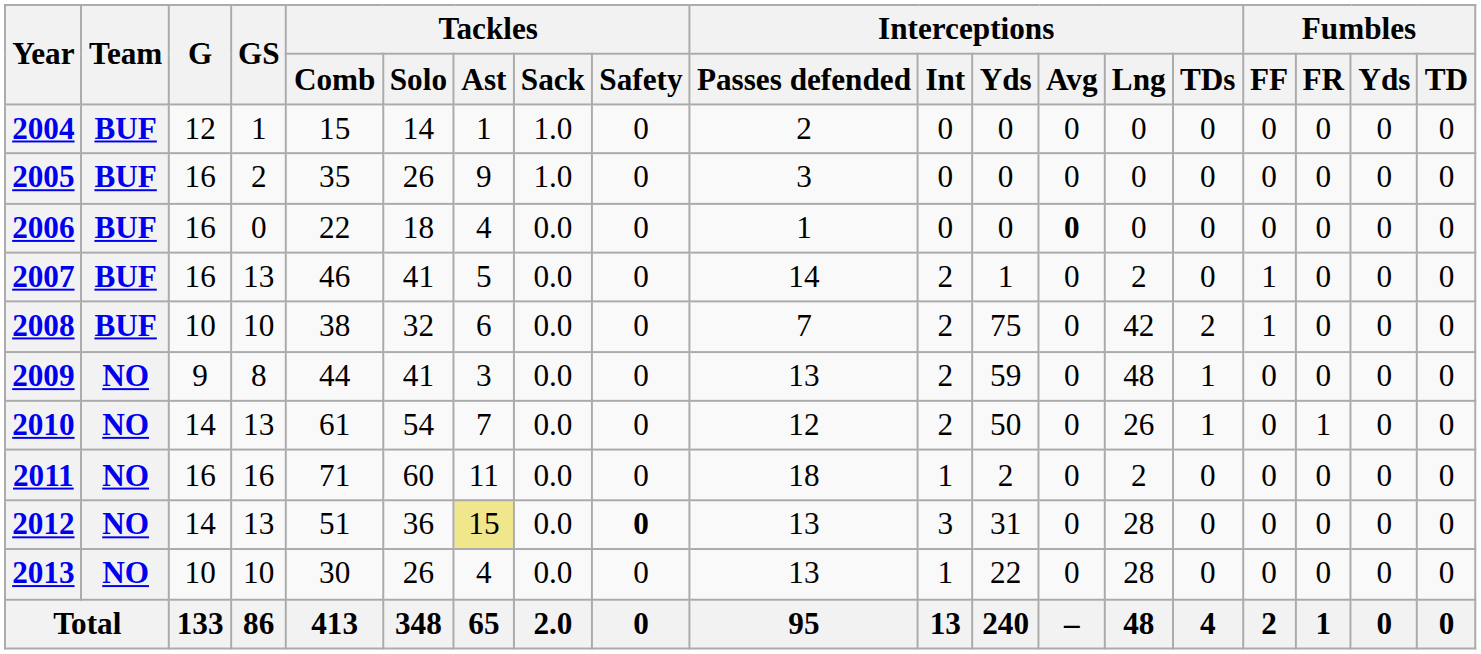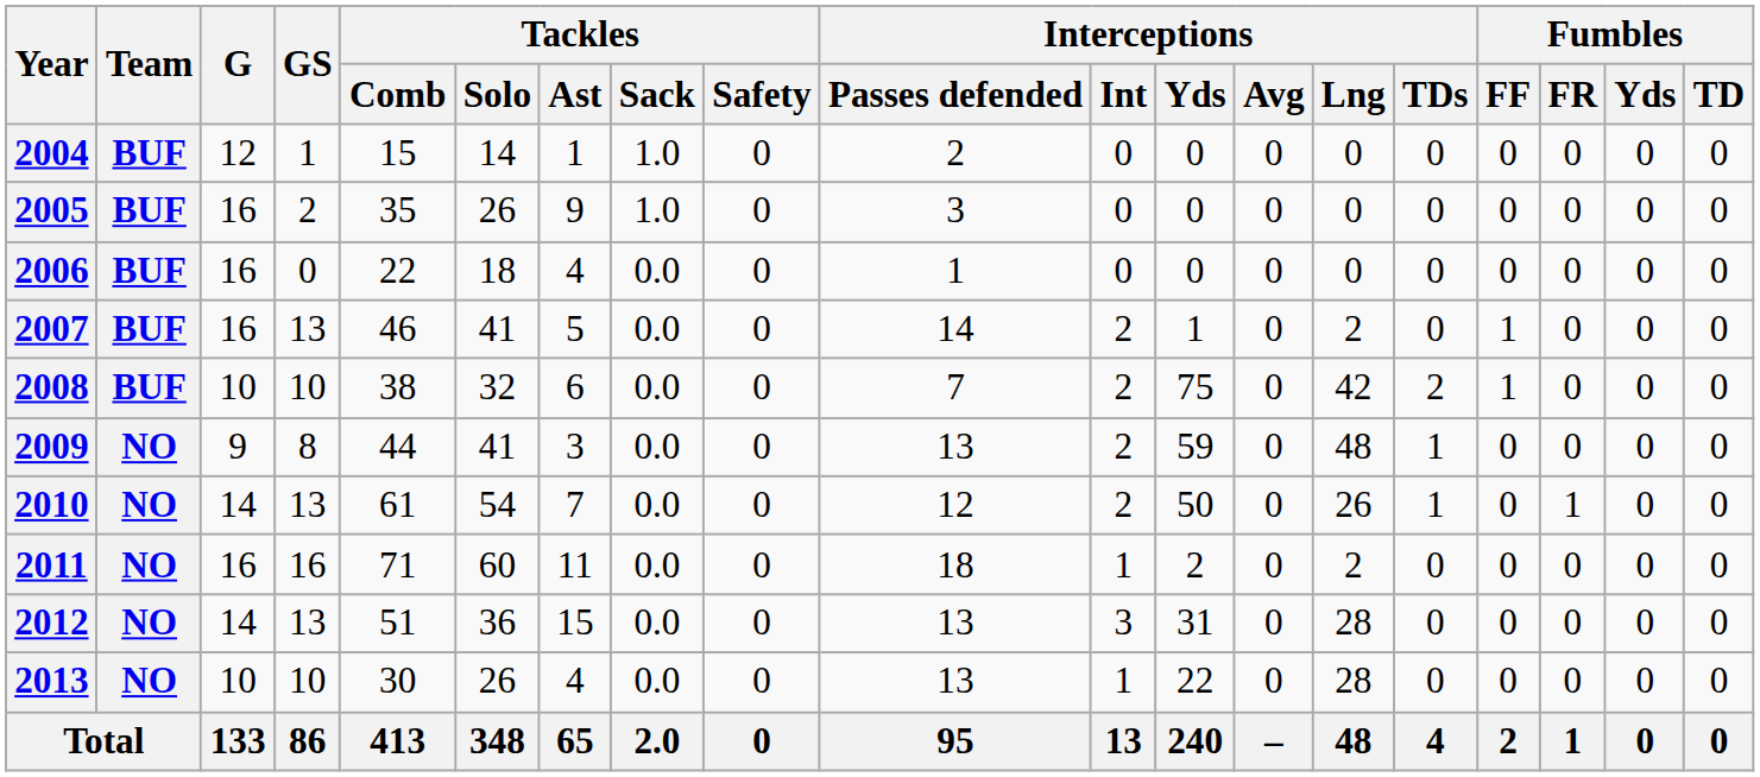 <table class="wikitable" style="text-align: center;">
 <tr>
 <th rowspan=2>Year</th>
 <th rowspan=2>Team</th>
 <th rowspan=2>G</th>
 <th rowspan=2>GS</th>
 <th colspan=5>Tackles</th>
 <th colspan=6>Interceptions</th>
 <th colspan=4>Fumbles</th>
 </tr>
 <tr>
 <th>Comb</th>
 <th>Solo</th>
 <th>Ast</th>
 <th>Sack</th>
 <th>Safety</th>
 <th>Passes defended</th>
 <th>Int</th>
 <th>Yds</th>
 <th>Avg</th>
 <th>Lng</th>
 <th>TDs</th>
 <th>FF</th>
 <th>FR</th>
 <th>Yds</th>
 <th>TD</th>
 </tr>
 <tr>
 <th><a href='#'>2004</a></th>
 <th><a href='#'>BUF</a></th>
 <td>12</td>
 <td>1</td>
 <td>15</td>
 <td>14</td>
 <td>1</td>
 <td>1.0</td>
 <td>0</td>
 <td>2</td>
 <td>0</td>
 <td>0</td>
 <td>0</td>
 <td>0</td>
 <td>0</td>
 <td>0</td>
 <td>0</td>
 <td>0</td>
 <td>0</td>
 </tr>
 <tr>
 <th><a href='#'>2005</a></th>
 <th><a href='#'>BUF</a></th>
 <td>16</td>
 <td>2</td>
 <td>35</td>
 <td>26</td>
 <td>9</td>
 <td>1.0</td>
 <td>0</td>
 <td>3</td>
 <td>0</td>
 <td>0</td>
 <td>0</td>
 <td>0</td>
 <td>0</td>
 <td>0</td>
 <td>0</td>
 <td>0</td>
 <td>0</td>
 </tr>
 <tr>
 <th><a href='#'>2006</a></th>
 <th><a href='#'>BUF</a></th>
 <td>16</td>
 <td>0</td>
 <td>22</td>
 <td>18</td>
 <td>4</td>
 <td>0.0</td>
 <td>0</td>
 <td>1</td>
 <td>0</td>
 <td>0</td>
-<td><strong>0</strong></td>
+<td>0</td>
 <td>0</td>
 <td>0</td>
 <td>0</td>
 <td>0</td>
 <td>0</td>
 <td>0</td>
 </tr>
 <tr>
 <th><a href='#'>2007</a></th>
 <th><a href='#'>BUF</a></th>
 <td>16</td>
 <td>13</td>
 <td>46</td>
 <td>41</td>
 <td>5</td>
 <td>0.0</td>
 <td>0</td>
 <td>14</td>
 <td>2</td>
 <td>1</td>
 <td>0</td>
 <td>2</td>
 <td>0</td>
 <td>1</td>
 <td>0</td>
 <td>0</td>
 <td>0</td>
 </tr>
 <tr>
 <th><a href='#'>2008</a></th>
 <th><a href='#'>BUF</a></th>
 <td>10</td>
 <td>10</td>
 <td>38</td>
 <td>32</td>
 <td>6</td>
 <td>0.0</td>
 <td>0</td>
 <td>7</td>
 <td>2</td>
 <td>75</td>
 <td>0</td>
 <td>42</td>
 <td>2</td>
 <td>1</td>
 <td>0</td>
 <td>0</td>
 <td>0</td>
 </tr>
 <tr>
 <th><a href='#'>2009</a></th>
 <th><a href='#'>NO</a></th>
 <td>9</td>
 <td>8</td>
 <td>44</td>
 <td>41</td>
 <td>3</td>
 <td>0.0</td>
 <td>0</td>
 <td>13</td>
 <td>2</td>
 <td>59</td>
 <td>0</td>
 <td>48</td>
 <td>1</td>
 <td>0</td>
 <td>0</td>
 <td>0</td>
 <td>0</td>
 </tr>
 <tr>
 <th><a href='#'>2010</a></th>
 <th><a href='#'>NO</a></th>
 <td>14</td>
 <td>13</td>
 <td>61</td>
 <td>54</td>
 <td>7</td>
 <td>0.0</td>
 <td>0</td>
 <td>12</td>
 <td>2</td>
 <td>50</td>
 <td>0</td>
 <td>26</td>
 <td>1</td>
 <td>0</td>
 <td>1</td>
 <td>0</td>
 <td>0</td>
 </tr>
 <tr>
 <th><a href='#'>2011</a></th>
 <th><a href='#'>NO</a></th>
 <td>16</td>
 <td>16</td>
 <td>71</td>
 <td>60</td>
 <td>11</td>
 <td>0.0</td>
 <td>0</td>
 <td>18</td>
 <td>1</td>
 <td>2</td>
 <td>0</td>
 <td>2</td>
 <td>0</td>
 <td>0</td>
 <td>0</td>
 <td>0</td>
 <td>0</td>
 </tr>
 <tr>
 <th><a href='#'>2012</a></th>
 <th><a href='#'>NO</a></th>
 <td>14</td>
 <td>13</td>
 <td>51</td>
 <td>36</td>
-<td style="background: khaki;">15</td>
+<td>15</td>
 <td>0.0</td>
-<td><strong>0</strong></td>
+<td>0</td>
 <td>13</td>
 <td>3</td>
 <td>31</td>
 <td>0</td>
 <td>28</td>
 <td>0</td>
 <td>0</td>
 <td>0</td>
 <td>0</td>
 <td>0</td>
 </tr>
 <tr>
 <th><a href='#'>2013</a></th>
 <th><a href='#'>NO</a></th>
 <td>10</td>
 <td>10</td>
 <td>30</td>
 <td>26</td>
 <td>4</td>
 <td>0.0</td>
 <td>0</td>
 <td>13</td>
 <td>1</td>
 <td>22</td>
 <td>0</td>
 <td>28</td>
 <td>0</td>
 <td>0</td>
 <td>0</td>
 <td>0</td>
 <td>0</td>
 </tr>
 <tr>
 <th colspan=2>Total</th>
 <th>133</th>
 <th>86</th>
 <th>413</th>
 <th>348</th>
 <th>65</th>
 <th>2.0</th>
 <th>0</th>
 <th>95</th>
 <th>13</th>
 <th>240</th>
 <th>–</th>
 <th>48</th>
 <th>4</th>
 <th>2</th>
 <th>1</th>
 <th>0</th>
 <th>0</th>
 </tr>
 </table>
